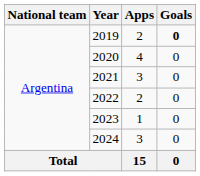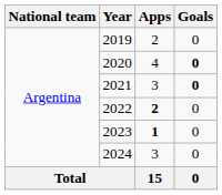 <table class=wikitable style=text-align:center>
 <tr>
 <th>National team</th>
 <th>Year</th>
 <th>Apps</th>
 <th>Goals</th>
 </tr>
 <tr>
 <td rowspan="6"><a href='#'>Argentina</a></td>
 <td>2019</td>
 <td>2</td>
-<td><strong>0</strong></td>
+<td>0</td>
 </tr>
 <tr>
 <td>2020</td>
 <td>4</td>
-<td>0</td>
+<td><strong>0</strong></td>
 </tr>
 <tr>
 <td>2021</td>
 <td>3</td>
-<td>0</td>
+<td><strong>0</strong></td>
 </tr>
 <tr>
 <td>2022</td>
-<td>2</td>
+<td><strong>2</strong></td>
 <td>0</td>
 </tr>
 <tr>
 <td>2023</td>
-<td>1</td>
+<td><strong>1</strong></td>
 <td>0</td>
 </tr>
 <tr>
 <td>2024</td>
 <td>3</td>
 <td>0</td>
 </tr>
 <tr>
 <th colspan="2">Total</th>
 <th>15</th>
 <th>0</th>
 </tr>
 </table>
